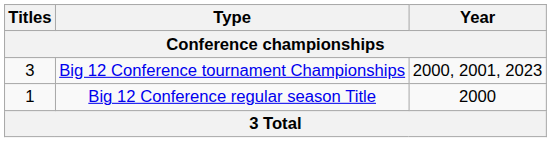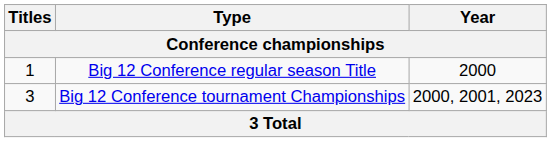 <table class="wikitable" style="text-align:center">
 <tr>
 <th>Titles</th>
 <th>Type</th>
 <th>Year</th>
 </tr>
 <tr>
 <th colspan="3">Conference championships</th>
 </tr>
 <tr>
+<td>1</td>
+<td><a href='#'>Big 12 Conference regular season Title</a></td>
+<td>2000</td>
+</tr>
+<tr>
 <td>3</td>
 <td><a href='#'>Big 12 Conference tournament Championships</a></td>
 <td>2000, 2001, 2023</td>
 </tr>
 <tr>
-<td>1</td>
-<td><a href='#'>Big 12 Conference regular season Title</a></td>
-<td>2000</td>
-</tr>
-<tr>
 <th colspan="3">3 Total</th>
 </tr>
 </table>
